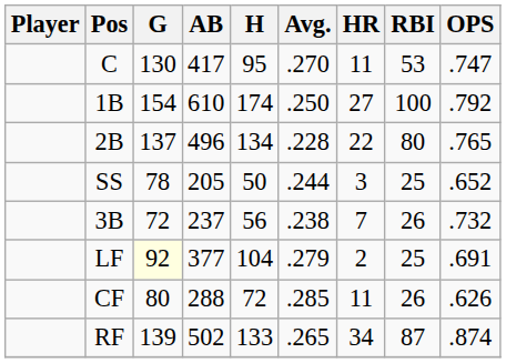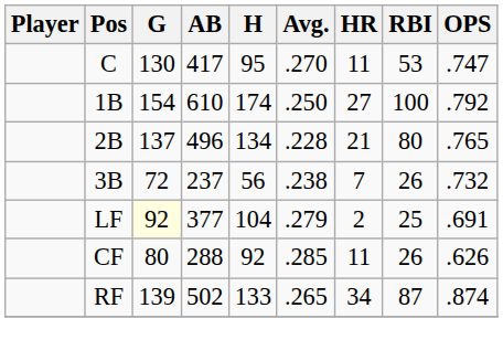 <table class="wikitable sortable">
 <tr>
 <th>Player</th>
 <th>Pos</th>
 <th>G</th>
 <th>AB</th>
 <th>H</th>
 <th>Avg.</th>
 <th>HR</th>
 <th>RBI</th>
 <th>OPS</th>
 </tr>
 <tr align="center">
 <td></td>
 <td>C</td>
 <td>130</td>
 <td>417</td>
 <td>95</td>
 <td>.270</td>
 <td>11</td>
 <td>53</td>
 <td>.747</td>
 </tr>
 <tr align="center">
 <td></td>
 <td>1B</td>
 <td>154</td>
 <td>610</td>
 <td>174</td>
 <td>.250</td>
 <td>27</td>
 <td>100</td>
 <td>.792</td>
 </tr>
 <tr align="center">
 <td></td>
 <td>2B</td>
 <td>137</td>
 <td>496</td>
 <td>134</td>
 <td>.228</td>
-<td>22</td>
+<td>21</td>
 <td>80</td>
 <td>.765</td>
-</tr>
-<tr align="center">
-<td></td>
-<td>SS</td>
-<td>78</td>
-<td>205</td>
-<td>50</td>
-<td>.244</td>
-<td>3</td>
-<td>25</td>
-<td>.652</td>
 </tr>
 <tr align="center">
 <td></td>
 <td>3B</td>
 <td>72</td>
 <td>237</td>
 <td>56</td>
 <td>.238</td>
 <td>7</td>
 <td>26</td>
 <td>.732</td>
 </tr>
 <tr align="center">
 <td></td>
 <td>LF</td>
 <td style="background: lightyellow;">92</td>
 <td>377</td>
 <td>104</td>
 <td>.279</td>
 <td>2</td>
 <td>25</td>
 <td>.691</td>
 </tr>
 <tr align="center">
 <td></td>
 <td>CF</td>
 <td>80</td>
 <td>288</td>
-<td>72</td>
+<td>92</td>
 <td>.285</td>
 <td>11</td>
 <td>26</td>
 <td>.626</td>
 </tr>
 <tr align="center">
 <td></td>
 <td>RF</td>
 <td>139</td>
 <td>502</td>
 <td>133</td>
 <td>.265</td>
 <td>34</td>
 <td>87</td>
 <td>.874</td>
 </tr>
 <tr align="center">
 </tr>
 </table>
